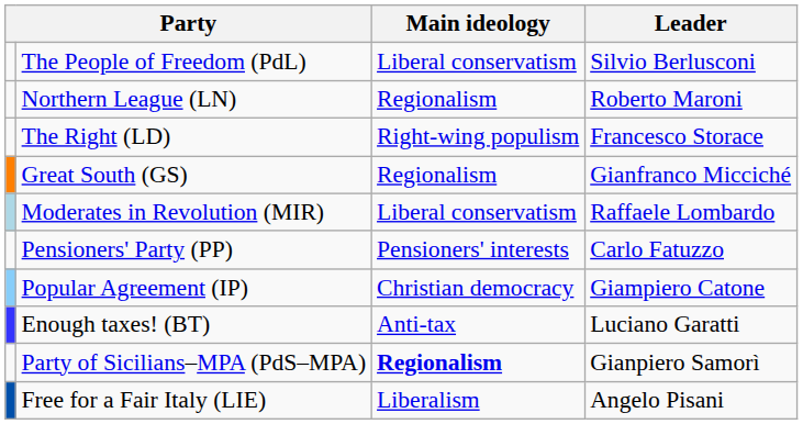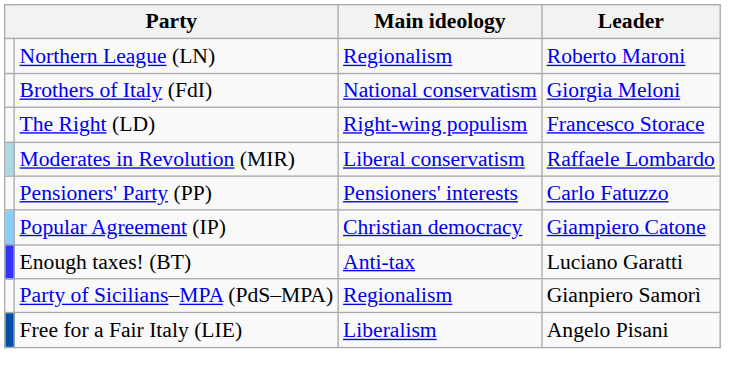 <table class=wikitable style=text-align:left>
 <tr>
 <th colspan=2>Party</th>
 <th>Main ideology</th>
 <th>Leader</th>
-</tr>
-<tr>
-<td></td>
-<td><a href='#'>The People of Freedom</a> (PdL)</td>
-<td><a href='#'>Liberal conservatism</a></td>
-<td><a href='#'>Silvio Berlusconi</a></td>
 </tr>
 <tr>
 <td></td>
 <td><a href='#'>Northern League</a> (LN)</td>
 <td><a href='#'>Regionalism</a></td>
 <td><a href='#'>Roberto Maroni</a></td>
 </tr>
 <tr>
 <td></td>
+<td><a href='#'>Brothers of Italy</a> (FdI)</td>
+<td><a href='#'>National conservatism</a></td>
+<td><a href='#'>Giorgia Meloni</a></td>
+</tr>
+<tr>
+<td></td>
 <td><a href='#'>The Right</a> (LD)</td>
 <td><a href='#'>Right-wing populism</a></td>
 <td><a href='#'>Francesco Storace</a></td>
-</tr>
-<tr>
-<td bgcolor="#ff7f00"></td>
-<td><a href='#'>Great South</a> (GS)</td>
-<td><a href='#'>Regionalism</a></td>
-<td><a href='#'>Gianfranco Micciché</a></td>
 </tr>
 <tr>
 <td bgcolor="lightblue"></td>
 <td><a href='#'>Moderates in Revolution</a> (MIR)</td>
 <td><a href='#'>Liberal conservatism</a></td>
 <td><a href='#'>Raffaele Lombardo</a></td>
 </tr>
 <tr>
 <td></td>
 <td><a href='#'>Pensioners' Party</a> (PP)</td>
 <td><a href='#'>Pensioners' interests</a></td>
 <td><a href='#'>Carlo Fatuzzo</a></td>
 </tr>
 <tr>
 <td bgcolor="lightskyblue"></td>
 <td><a href='#'>Popular Agreement</a> (IP)</td>
 <td><a href='#'>Christian democracy</a></td>
 <td><a href='#'>Giampiero Catone</a></td>
 </tr>
 <tr>
 <td style="background:#33f;"></td>
 <td>Enough taxes! (BT)</td>
 <td><a href='#'>Anti-tax</a></td>
 <td>Luciano Garatti</td>
 </tr>
 <tr>
 <td></td>
 <td><a href='#'>Party of Sicilians</a>–<a href='#'>MPA</a> (PdS–MPA)</td>
-<td><strong><a href='#'>Regionalism</a></strong></td>
+<td><a href='#'>Regionalism</a></td>
 <td>Gianpiero Samorì</td>
 </tr>
 <tr>
 <td style="background:#0050AA;"></td>
 <td>Free for a Fair Italy (LIE)</td>
 <td><a href='#'>Liberalism</a></td>
 <td>Angelo Pisani</td>
 </tr>
 </table>
